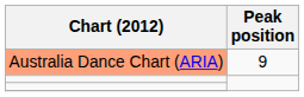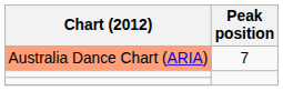 <table class="wikitable sortable">
 <tr>
 <th>Chart (2012)</th>
 <th>Peak<br>position</th>
 </tr>
 <tr>
 <td style="background: lightsalmon;">Australia Dance Chart (<a href='#'>ARIA</a>)</td>
-<td style="text-align:center;">9</td>
+<td style="text-align:center;">7</td>
 </tr>
 <tr>
 <td></td>
 </tr>
 <tr>
 <td></td>
 </tr>
 <tr>
 </tr>
 <tr>
 </tr>
 <tr>
 </tr>
 <tr>
 </tr>
 <tr>
 </tr>
 <tr>
 </tr>
 <tr>
 </tr>
 <tr>
 </tr>
 <tr>
 </tr>
 <tr>
 </tr>
 <tr>
 </tr>
 <tr>
 </tr>
 </table>
